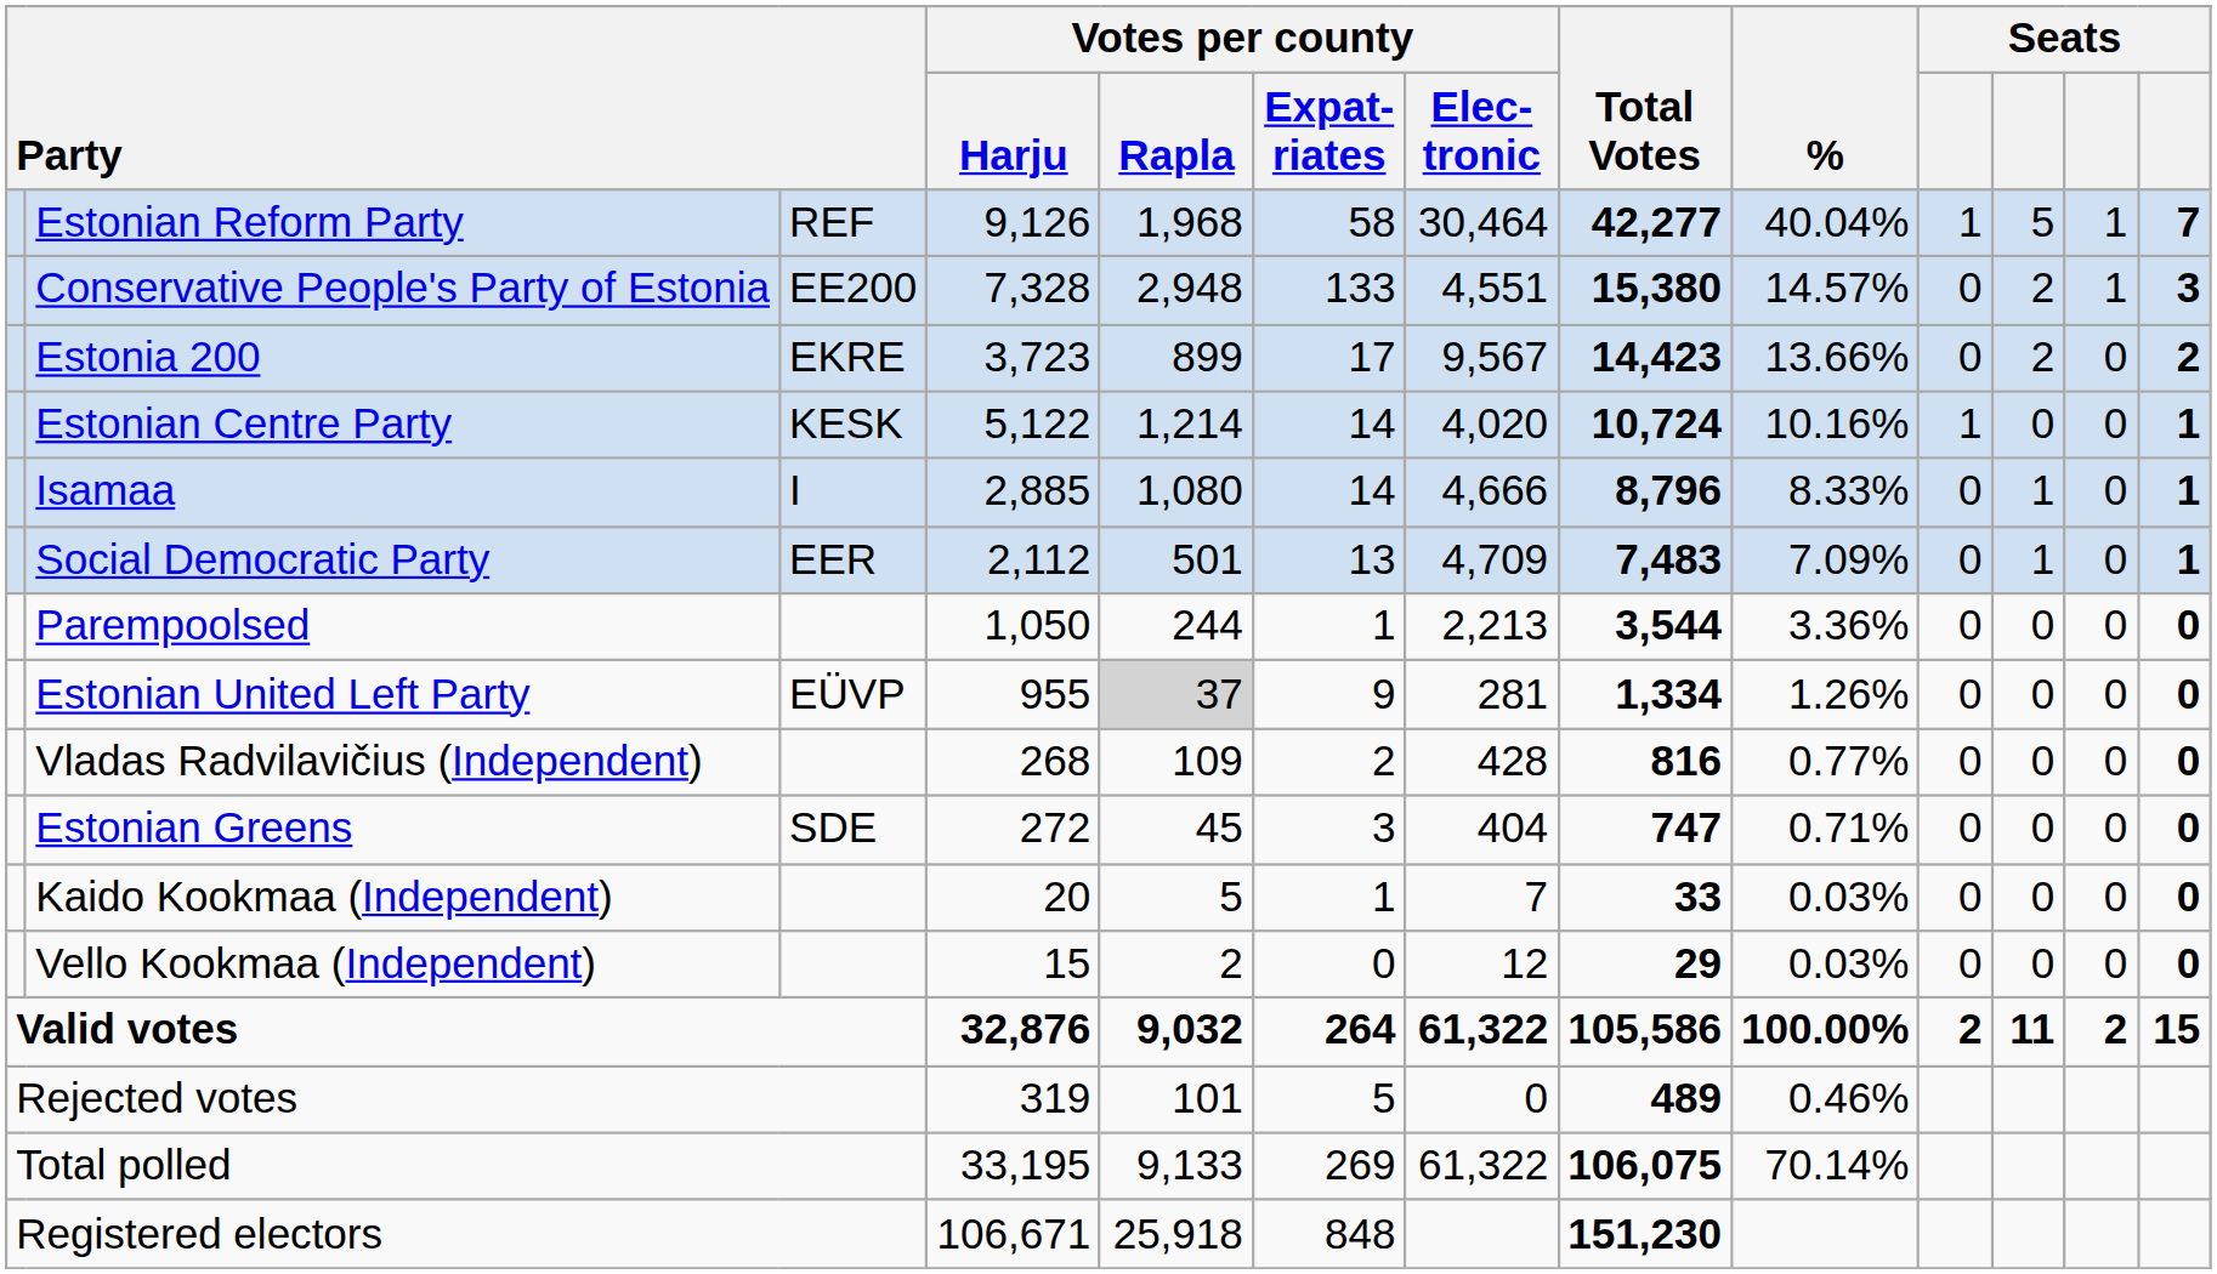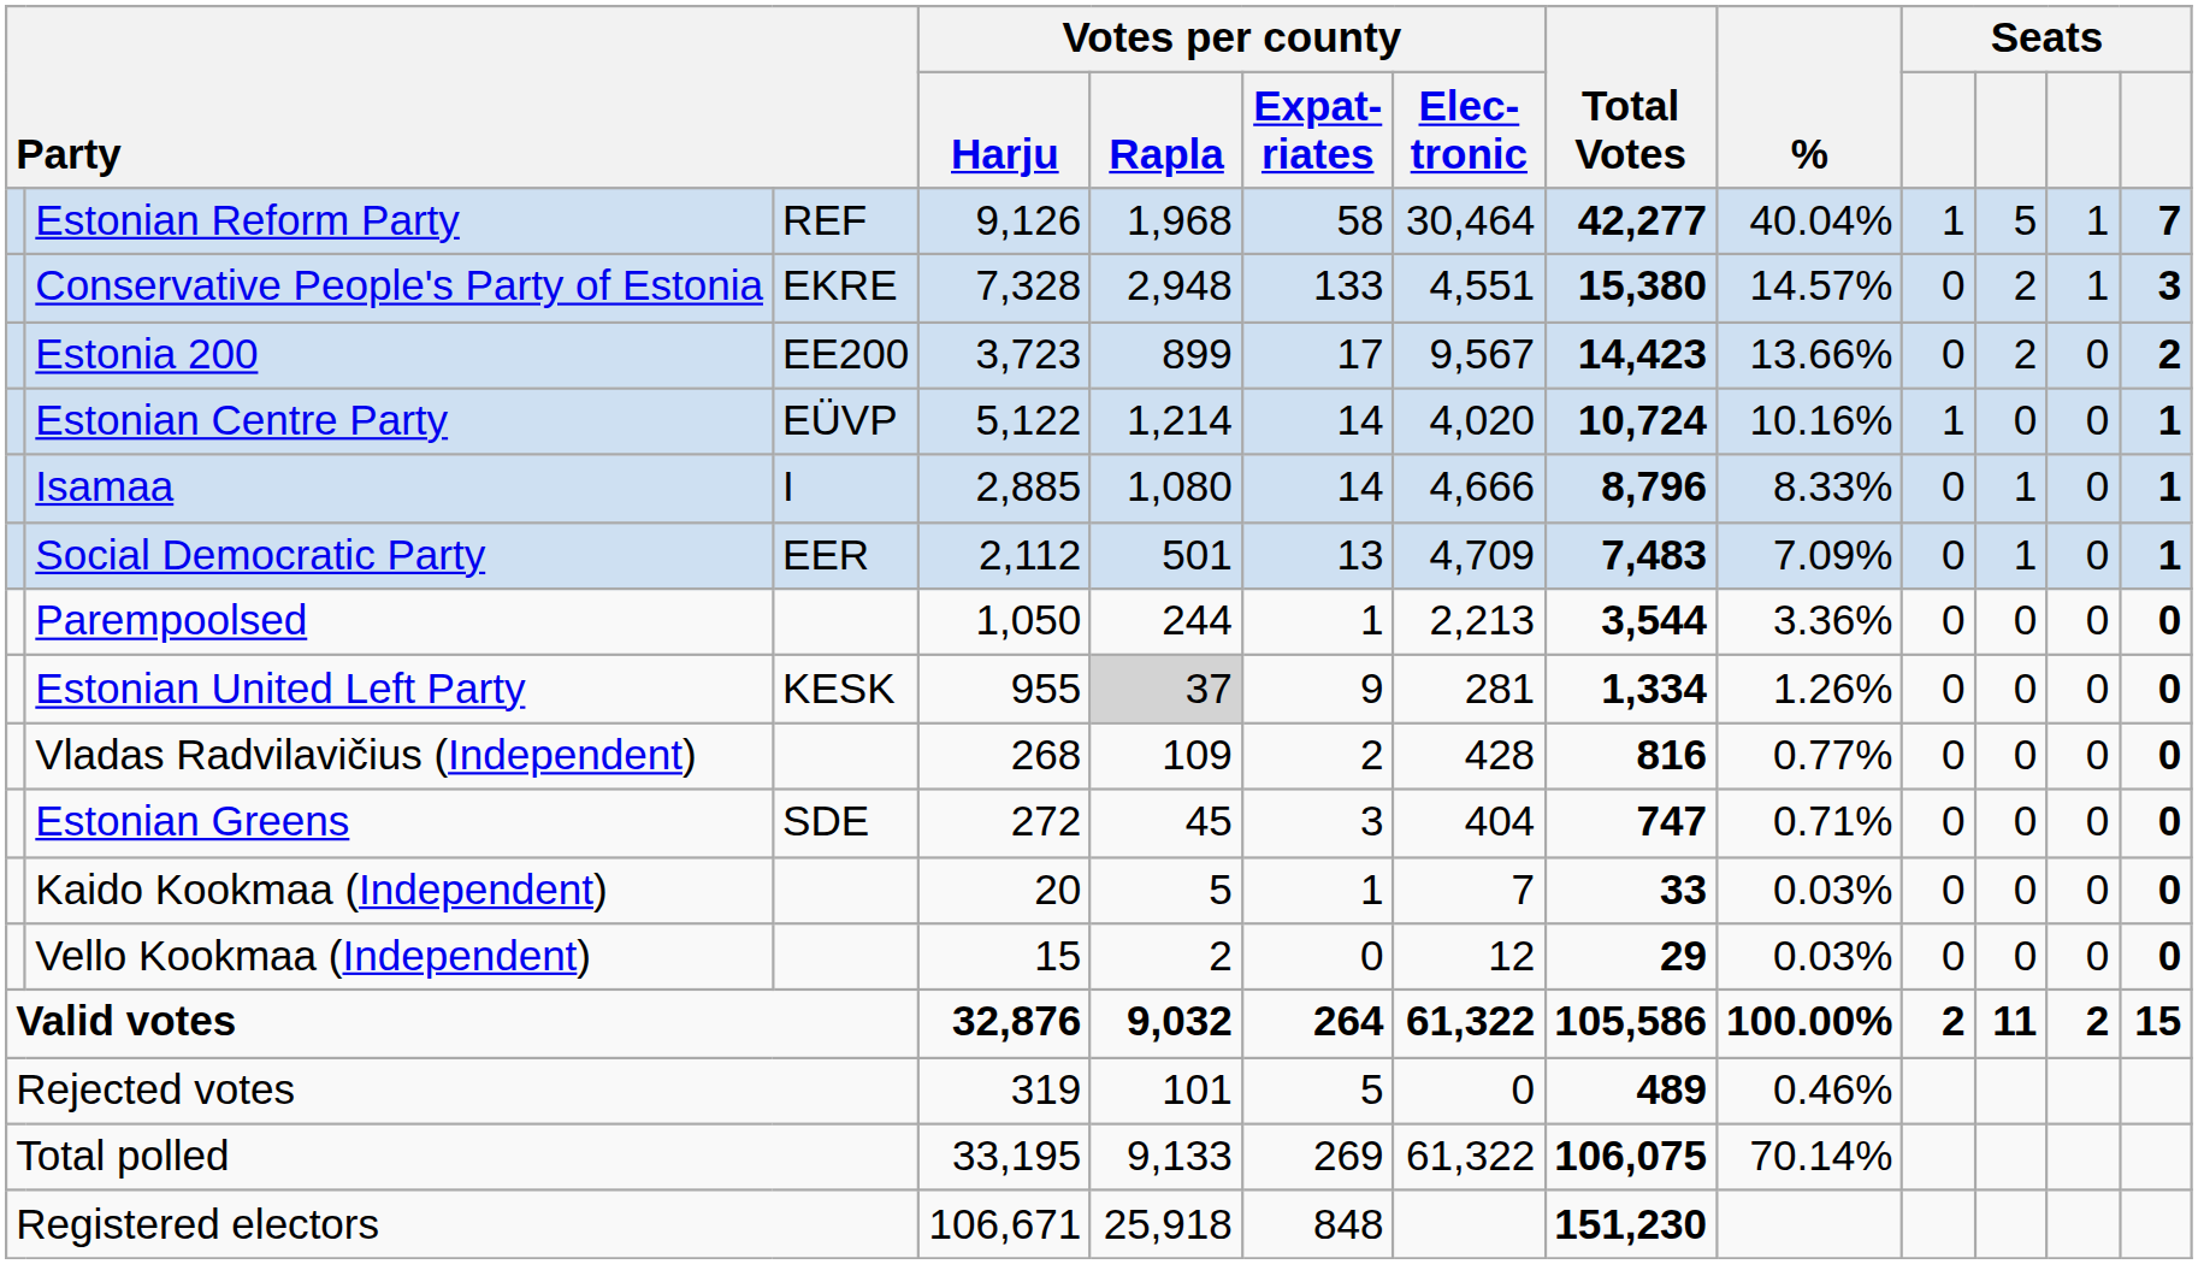 <table class="wikitable" border="1" style="text-align:right;">
 <tr>
 <th style="text-align:left;" valign=bottom rowspan=2 colspan=3>Party</th>
 <th colspan=4>Votes per county</th>
 <th align=center valign=bottom rowspan=2 width="50">Total Votes</th>
 <th align=center valign=bottom rowspan=2 width="50">%</th>
 <th colspan=4>Seats</th>
 </tr>
 <tr>
 <th align=center valign=bottom width="50"><a href='#'>Harju</a></th>
 <th align=center valign=bottom width="50"><a href='#'>Rapla</a></th>
 <th align=center valign=bottom width="50"><a href='#'>Expat- riates</a></th>
 <th align=center valign=bottom width="50"><a href='#'>Elec- tronic</a></th>
 <th align=center valign=bottom width="20"><small></small></th>
 <th align=center valign=bottom width="20"><small></small></th>
 <th align=center valign=bottom width="20"><small></small></th>
 <th align=center valign=bottom width="20"><small></small></th>
 </tr>
 <tr style="background:#CEE0F2;">
 <td style="background:"></td>
 <td align=left><a href='#'>Estonian Reform Party</a></td>
 <td align=left>REF</td>
 <td>9,126</td>
 <td>1,968</td>
 <td>58</td>
 <td>30,464</td>
 <td><strong>42,277</strong></td>
 <td>40.04%</td>
 <td>1</td>
 <td>5</td>
 <td>1</td>
 <td><strong>7</strong></td>
 </tr>
 <tr style="background:#CEE0F2;">
 <td style="background:"></td>
 <td align=left><a href='#'>Conservative People's Party of Estonia</a></td>
-<td align=left>EE200</td>
+<td align=left>EKRE</td>
 <td>7,328</td>
 <td>2,948</td>
 <td>133</td>
 <td>4,551</td>
 <td><strong>15,380</strong></td>
 <td>14.57%</td>
 <td>0</td>
 <td>2</td>
 <td>1</td>
 <td><strong>3</strong></td>
 </tr>
 <tr style="background:#CEE0F2;">
 <td style="background:"></td>
 <td align=left><a href='#'>Estonia 200</a></td>
-<td align=left>EKRE</td>
+<td align=left>EE200</td>
 <td>3,723</td>
 <td>899</td>
 <td>17</td>
 <td>9,567</td>
 <td><strong>14,423</strong></td>
 <td>13.66%</td>
 <td>0</td>
 <td>2</td>
 <td>0</td>
 <td><strong>2</strong></td>
 </tr>
 <tr style="background:#CEE0F2;">
 <td style="background:"></td>
 <td align=left><a href='#'>Estonian Centre Party</a></td>
-<td align=left>KESK</td>
+<td align=left>EÜVP</td>
 <td>5,122</td>
 <td>1,214</td>
 <td>14</td>
 <td>4,020</td>
 <td><strong>10,724</strong></td>
 <td>10.16%</td>
 <td>1</td>
 <td>0</td>
 <td>0</td>
 <td><strong>1</strong></td>
 </tr>
 <tr style="background:#CEE0F2;">
 <td style="background:"></td>
 <td align=left><a href='#'>Isamaa</a></td>
 <td align=left>I</td>
 <td>2,885</td>
 <td>1,080</td>
 <td>14</td>
 <td>4,666</td>
 <td><strong>8,796</strong></td>
 <td>8.33%</td>
 <td>0</td>
 <td>1</td>
 <td>0</td>
 <td><strong>1</strong></td>
 </tr>
 <tr style="background:#CEE0F2;">
 <td style="background:"></td>
 <td align=left><a href='#'>Social Democratic Party</a></td>
 <td align=left>EER</td>
 <td>2,112</td>
 <td>501</td>
 <td>13</td>
 <td>4,709</td>
 <td><strong>7,483</strong></td>
 <td>7.09%</td>
 <td>0</td>
 <td>1</td>
 <td>0</td>
 <td><strong>1</strong></td>
 </tr>
 <tr>
 <td style="background:"></td>
 <td align=left><a href='#'>Parempoolsed</a></td>
 <td align=left></td>
 <td>1,050</td>
 <td>244</td>
 <td>1</td>
 <td>2,213</td>
 <td><strong>3,544</strong></td>
 <td>3.36%</td>
 <td>0</td>
 <td>0</td>
 <td>0</td>
 <td><strong>0</strong></td>
 </tr>
 <tr>
 <td style="background:"></td>
 <td align=left><a href='#'>Estonian United Left Party</a></td>
-<td align=left>EÜVP</td>
+<td align=left>KESK</td>
 <td>955</td>
 <td style="background: lightgrey;">37</td>
 <td>9</td>
 <td>281</td>
 <td><strong>1,334</strong></td>
 <td>1.26%</td>
 <td>0</td>
 <td>0</td>
 <td>0</td>
 <td><strong>0</strong></td>
 </tr>
 <tr>
 <td style="background:"></td>
 <td align=left>Vladas Radvilavičius (<a href='#'>Independent</a>)</td>
 <td></td>
 <td>268</td>
 <td>109</td>
 <td>2</td>
 <td>428</td>
 <td><strong>816</strong></td>
 <td>0.77%</td>
 <td>0</td>
 <td>0</td>
 <td>0</td>
 <td><strong>0</strong></td>
 </tr>
 <tr>
 <td style="background:"></td>
 <td align=left><a href='#'>Estonian Greens</a></td>
 <td align=left>SDE</td>
 <td>272</td>
 <td>45</td>
 <td>3</td>
 <td>404</td>
 <td><strong>747</strong></td>
 <td>0.71%</td>
 <td>0</td>
 <td>0</td>
 <td>0</td>
 <td><strong>0</strong></td>
 </tr>
 <tr>
 <td style="background:"></td>
 <td align=left>Kaido Kookmaa (<a href='#'>Independent</a>)</td>
 <td></td>
 <td>20</td>
 <td>5</td>
 <td>1</td>
 <td>7</td>
 <td><strong>33</strong></td>
 <td>0.03%</td>
 <td>0</td>
 <td>0</td>
 <td>0</td>
 <td><strong>0</strong></td>
 </tr>
 <tr>
 <td style="background:"></td>
 <td align=left>Vello Kookmaa (<a href='#'>Independent</a>)</td>
 <td></td>
 <td>15</td>
 <td>2</td>
 <td>0</td>
 <td>12</td>
 <td><strong>29</strong></td>
 <td>0.03%</td>
 <td>0</td>
 <td>0</td>
 <td>0</td>
 <td><strong>0</strong></td>
 </tr>
 <tr style="font-weight:bold">
 <td align=left colspan=3>Valid votes</td>
 <td>32,876</td>
 <td>9,032</td>
 <td>264</td>
 <td>61,322</td>
 <td>105,586</td>
 <td>100.00%</td>
 <td>2</td>
 <td>11</td>
 <td>2</td>
 <td>15</td>
 </tr>
 <tr>
 <td align=left colspan=3>Rejected votes</td>
 <td>319</td>
 <td>101</td>
 <td>5</td>
 <td>0</td>
 <td><strong>489</strong></td>
 <td>0.46%</td>
 <td></td>
 <td></td>
 <td></td>
 <td></td>
 </tr>
 <tr>
 <td align=left colspan=3>Total polled</td>
 <td>33,195</td>
 <td>9,133</td>
 <td>269</td>
 <td>61,322</td>
 <td><strong>106,075</strong></td>
 <td>70.14%</td>
 <td></td>
 <td></td>
 <td></td>
 <td></td>
 </tr>
 <tr>
 <td align=left colspan=3>Registered electors</td>
 <td>106,671</td>
 <td>25,918</td>
 <td>848</td>
 <td></td>
 <td><strong>151,230</strong></td>
 <td></td>
 <td></td>
 <td></td>
 <td></td>
 <td></td>
 </tr>
 </table>
